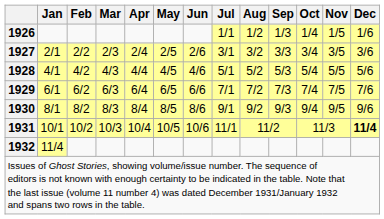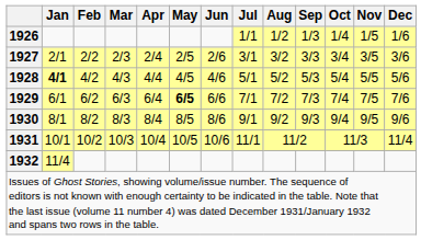 <table class="wikitable" style="font-size: 10pt; line-height: 11pt; margin-left: 2em; text-align: center; float: right">
 <tr>
 <th></th>
 <th>Jan</th>
 <th>Feb</th>
 <th>Mar</th>
 <th>Apr</th>
 <th>May</th>
 <th>Jun</th>
 <th>Jul</th>
 <th>Aug</th>
 <th>Sep</th>
 <th>Oct</th>
 <th>Nov</th>
 <th>Dec</th>
 </tr>
 <tr>
 <th>1926</th>
 <td></td>
 <td></td>
 <td></td>
 <td></td>
 <td></td>
 <td></td>
 <td bgcolor=#ffff99>1/1</td>
 <td bgcolor=#ffff99>1/2</td>
 <td bgcolor=#ffff99>1/3</td>
 <td bgcolor=#ffff99>1/4</td>
 <td bgcolor=#ffff99>1/5</td>
 <td bgcolor=#ffff99>1/6</td>
 </tr>
 <tr>
 <th>1927</th>
 <td bgcolor=#ffff99>2/1</td>
 <td bgcolor=#ffff99>2/2</td>
 <td bgcolor=#ffff99>2/3</td>
 <td bgcolor=#ffff99>2/4</td>
 <td bgcolor=#ffff99>2/5</td>
 <td bgcolor=#ffff99>2/6</td>
 <td bgcolor=#ffff99>3/1</td>
 <td bgcolor=#ffff99>3/2</td>
 <td bgcolor=#ffff99>3/3</td>
 <td bgcolor=#ffff99>3/4</td>
 <td bgcolor=#ffff99>3/5</td>
 <td bgcolor=#ffff99>3/6</td>
 </tr>
 <tr>
 <th>1928</th>
-<td bgcolor=#ffff99>4/1</td>
+<td bgcolor=#ffff99><strong>4/1</strong></td>
 <td bgcolor=#ffff99>4/2</td>
 <td bgcolor=#ffff99>4/3</td>
 <td bgcolor=#ffff99>4/4</td>
 <td bgcolor=#ffff99>4/5</td>
 <td bgcolor=#ffff99>4/6</td>
 <td bgcolor=#ffff99>5/1</td>
 <td bgcolor=#ffff99>5/2</td>
 <td bgcolor=#ffff99>5/3</td>
 <td bgcolor=#ffff99>5/4</td>
 <td bgcolor=#ffff99>5/5</td>
 <td bgcolor=#ffff99>5/6</td>
 </tr>
 <tr>
 <th>1929</th>
 <td bgcolor=#ffff99>6/1</td>
 <td bgcolor=#ffff99>6/2</td>
 <td bgcolor=#ffff99>6/3</td>
 <td bgcolor=#ffff99>6/4</td>
-<td bgcolor=#ffff99>6/5</td>
+<td bgcolor=#ffff99><strong>6/5</strong></td>
 <td bgcolor=#ffff99>6/6</td>
 <td bgcolor=#ffff99>7/1</td>
 <td bgcolor=#ffff99>7/2</td>
 <td bgcolor=#ffff99>7/3</td>
 <td bgcolor=#ffff99>7/4</td>
 <td bgcolor=#ffff99>7/5</td>
 <td bgcolor=#ffff99>7/6</td>
 </tr>
 <tr>
 <th>1930</th>
 <td bgcolor=#ffff99>8/1</td>
 <td bgcolor=#ffff99>8/2</td>
 <td bgcolor=#ffff99>8/3</td>
 <td bgcolor=#ffff99>8/4</td>
 <td bgcolor=#ffff99>8/5</td>
 <td bgcolor=#ffff99>8/6</td>
 <td bgcolor=#ffff99>9/1</td>
 <td bgcolor=#ffff99>9/2</td>
 <td bgcolor=#ffff99>9/3</td>
 <td bgcolor=#ffff99>9/4</td>
 <td bgcolor=#ffff99>9/5</td>
 <td bgcolor=#ffff99>9/6</td>
 </tr>
 <tr>
 <th>1931</th>
 <td bgcolor=#ffff99>10/1</td>
 <td bgcolor=#ffff99>10/2</td>
 <td bgcolor=#ffff99>10/3</td>
 <td bgcolor=#ffff99>10/4</td>
 <td bgcolor=#ffff99>10/5</td>
 <td bgcolor=#ffff99>10/6</td>
 <td bgcolor=#ffff99>11/1</td>
 <td colspan="2" bgcolor=#ffff99>11/2</td>
 <td colspan="2" bgcolor=#ffff99>11/3</td>
-<td bgcolor=#ffff99><strong>11/4</strong></td>
+<td bgcolor=#ffff99>11/4</td>
 </tr>
 <tr>
 <th>1932</th>
 <td bgcolor=#ffff99>11/4</td>
 <td></td>
 <td></td>
 <td></td>
 <td></td>
 <td></td>
 <td></td>
 <td></td>
 <td></td>
 <td></td>
 <td></td>
 <td></td>
 </tr>
 <tr>
 <td colspan="13" style="font-size: 8pt; text-align:left">Issues of <em>Ghost Stories</em>, showing volume/issue number.  The sequence of<br>editors is not known with enough certainty to be indicated in the table. Note that<br>the last issue (volume 11 number 4) was dated December 1931/January 1932<br>and spans two rows in the table.</td>
 </tr>
 </table>
